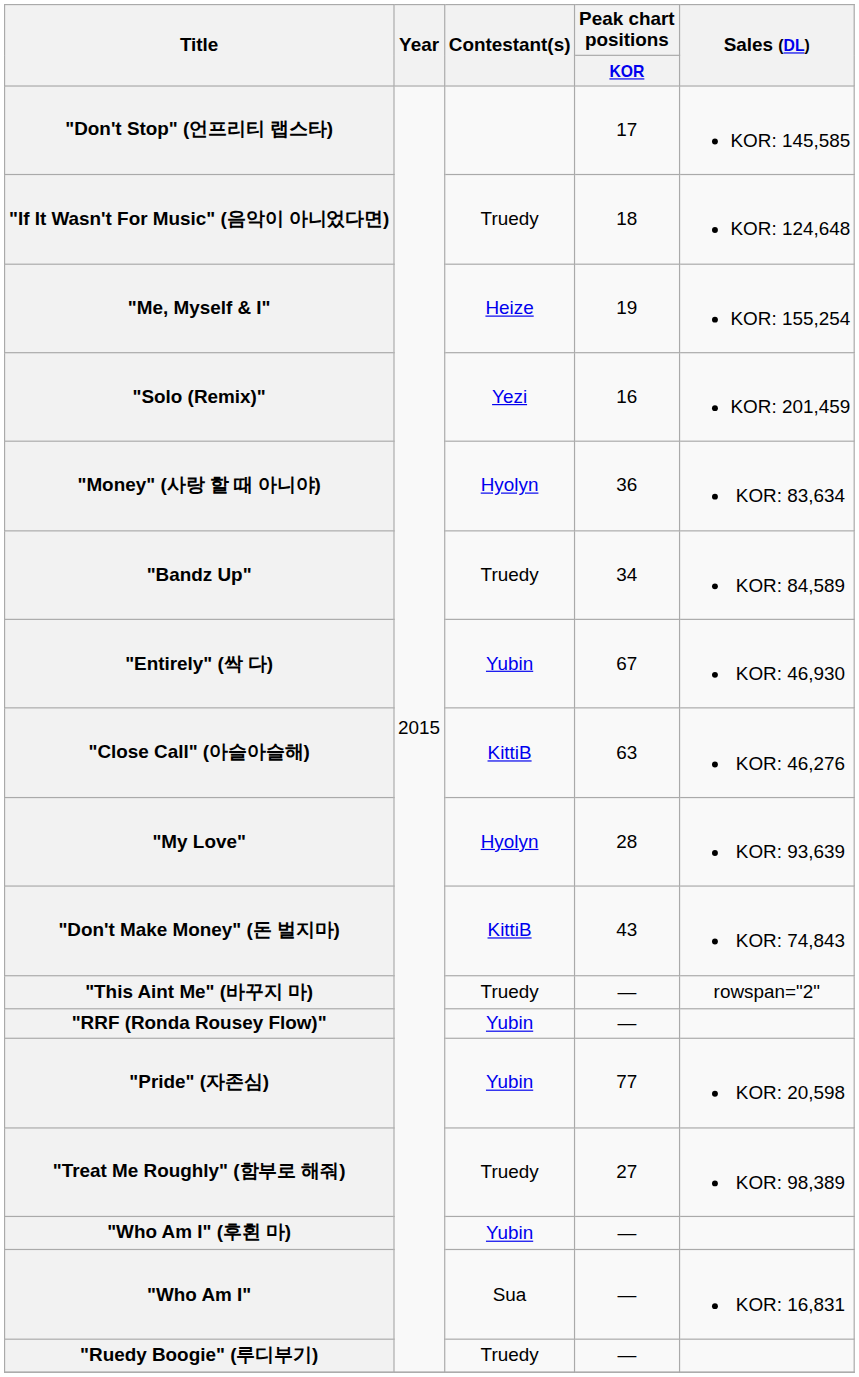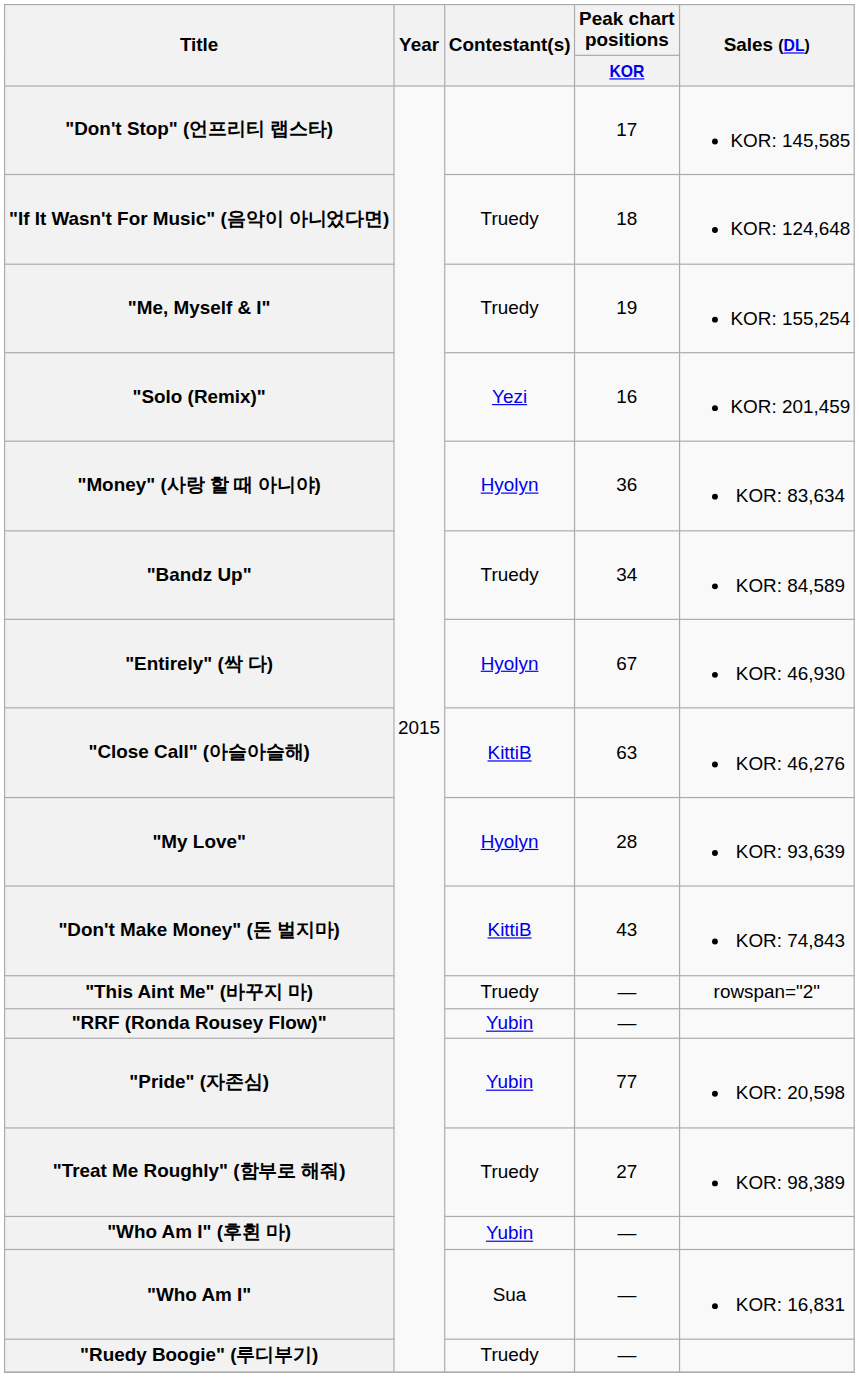 <table class="wikitable plainrowheaders" style="text-align:center">
 <tr>
 <th scope="col" rowspan="2">Title</th>
 <th scope="col" rowspan="2">Year</th>
 <th scope="col" rowspan="2">Contestant(s)</th>
 <th scope="col" colspan="1">Peak chart <br> positions</th>
 <th scope="col" rowspan="2">Sales <small>(<a href='#'>DL</a>)</small></th>
 </tr>
 <tr>
 <th><small><a href='#'>KOR</a></small><br></th>
 </tr>
 <tr>
 <th scope="row">"Don't Stop" (언프리티 랩스타)</th>
 <td rowspan="17">2015</td>
 <td></td>
 <td>17</td>
 <td><br><ul><li>KOR: 145,585</li></ul></td>
 </tr>
 <tr>
 <th scope="row">"If It Wasn't For Music" (음악이 아니었다면)<br></th>
 <td>Truedy</td>
 <td>18</td>
 <td><br><ul><li>KOR: 124,648</li></ul></td>
 </tr>
 <tr>
 <th scope="row">"Me, Myself & I"<br></th>
-<td><a href='#'>Heize</a></td>
+<td>Truedy</td>
 <td>19</td>
 <td><br><ul><li>KOR: 155,254</li></ul></td>
 </tr>
 <tr>
 <th scope="row">"Solo (Remix)"<br></th>
 <td><a href='#'>Yezi</a></td>
 <td>16</td>
 <td><br><ul><li>KOR: 201,459</li></ul></td>
 </tr>
 <tr>
 <th scope="row">"Money" (사랑 할 때 아니야)<br></th>
 <td><a href='#'>Hyolyn</a></td>
 <td>36</td>
 <td><br><ul><li>KOR: 83,634</li></ul></td>
 </tr>
 <tr>
 <th scope="row">"Bandz Up"<br></th>
 <td>Truedy</td>
 <td>34</td>
 <td><br><ul><li>KOR: 84,589</li></ul></td>
 </tr>
 <tr>
 <th scope="row">"Entirely" (싹 다)<br></th>
-<td><a href='#'>Yubin</a></td>
+<td><a href='#'>Hyolyn</a></td>
 <td>67</td>
 <td><br><ul><li>KOR: 46,930</li></ul></td>
 </tr>
 <tr>
 <th scope="row">"Close Call" (아슬아슬해)<br></th>
 <td><a href='#'>KittiB</a></td>
 <td>63</td>
 <td><br><ul><li>KOR: 46,276</li></ul></td>
 </tr>
 <tr>
 <th scope="row">"My Love"<br></th>
 <td><a href='#'>Hyolyn</a></td>
 <td>28</td>
 <td><br><ul><li>KOR: 93,639</li></ul></td>
 </tr>
 <tr>
 <th scope="row">"Don't Make Money" (돈 벌지마)<br></th>
 <td><a href='#'>KittiB</a></td>
 <td>43</td>
 <td><br><ul><li>KOR: 74,843</li></ul></td>
 </tr>
 <tr>
 <th scope="row">"This Aint Me" (바꾸지 마)<br></th>
 <td>Truedy</td>
 <td>—</td>
 <td>rowspan="2" </td>
 </tr>
 <tr>
 <th scope="row">"RRF (Ronda Rousey Flow)"</th>
 <td><a href='#'>Yubin</a></td>
 <td>—</td>
 </tr>
 <tr>
 <th scope="row">"Pride" (자존심)<br></th>
 <td><a href='#'>Yubin</a></td>
 <td>77</td>
 <td><br><ul><li>KOR: 20,598</li></ul></td>
 </tr>
 <tr>
 <th scope="row">"Treat Me Roughly" (함부로 해줘)<br></th>
 <td>Truedy</td>
 <td>27</td>
 <td><br><ul><li>KOR: 98,389</li></ul></td>
 </tr>
 <tr>
 <th scope="row">"Who Am I" (후횐 마)<br></th>
 <td><a href='#'>Yubin</a></td>
 <td>—</td>
 <td></td>
 </tr>
 <tr>
 <th scope="row">"Who Am I"<br></th>
 <td>Sua</td>
 <td>—</td>
 <td><br><ul><li>KOR: 16,831</li></ul></td>
 </tr>
 <tr>
 <th scope="row">"Ruedy Boogie" (루디부기)<br></th>
 <td>Truedy</td>
 <td>—</td>
 <td></td>
 </tr>
 <tr>
 </tr>
 </table>
